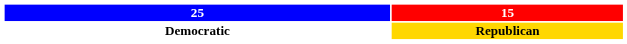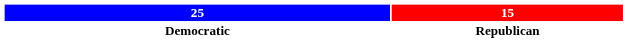 <table style="width:60%; text-align:center;">
 <tr style="color:white;">
 <td style="background:blue; width:62.5%;"><strong>25</strong></td>
 <td style="background:red; width:37.5%;"><strong>15</strong></td>
 </tr>
 <tr>
 <td><span><strong>Democratic</strong></span></td>
-<td style="background: gold;"><span><strong>Republican</strong></span></td>
+<td><span><strong>Republican</strong></span></td>
 </tr>
 </table>
